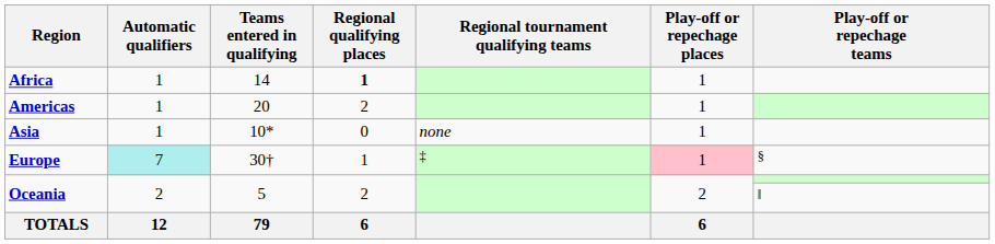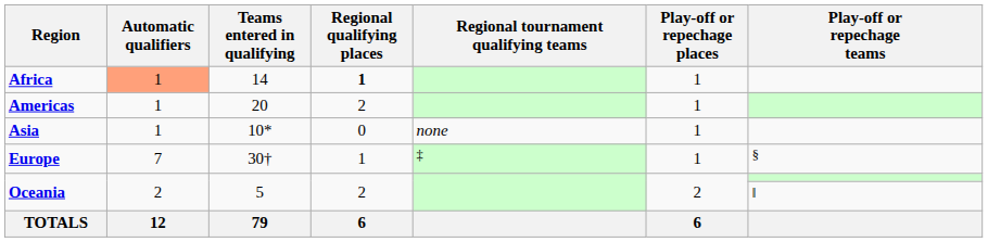 <table class=wikitable style="text-align:center;">
 <tr>
 <th style="width:6em; padding:2px;">Region</th>
 <th style="width:6em; padding:2px;">Automatic <br> qualifiers</th>
 <th style="width:6em; padding:2px;">Teams <br>entered in qualifying</th>
 <th style="width:6em; padding:2px;">Regional <br> qualifying places</th>
 <th style="width:14em;">Regional tournament <br> qualifying teams</th>
 <th style="width:6em; padding:2px;">Play-off or <br> repechage <br> places</th>
 <th style="width:14em;">Play-off or <br> repechage <br> teams</th>
 </tr>
 <tr>
 <td align=left style="font-weight:bold;"><a href='#'>Africa</a></td>
-<td>1</td>
+<td style="background: lightsalmon;">1</td>
 <td>14</td>
 <td><strong>1</strong></td>
 <td align=left bgcolor="#ccffcc"></td>
 <td>1</td>
 <td align=left></td>
 </tr>
 <tr>
 <td align=left style="font-weight:bold;"><a href='#'>Americas</a></td>
 <td>1</td>
 <td>20</td>
 <td>2</td>
 <td align=left bgcolor="#ccffcc"> <br> </td>
 <td>1</td>
 <td align=left bgcolor="#ccffcc"></td>
 </tr>
 <tr>
 <td align=left style="font-weight:bold;"><a href='#'>Asia</a></td>
 <td>1</td>
 <td>10*</td>
 <td>0</td>
 <td align=left> <em>none</em></td>
 <td>1</td>
 <td align=left></td>
 </tr>
 <tr>
 <td align=left style="font-weight:bold;"><a href='#'>Europe</a></td>
-<td style="background: paleturquoise;">7</td>
+<td>7</td>
 <td>30†</td>
 <td>1</td>
 <td align=left bgcolor="#ccffcc"><sup>‡</sup></td>
-<td style="background: pink;">1</td>
+<td>1</td>
 <td align=left><sup>§</sup></td>
 </tr>
 <tr>
 <td rowspan=2 align=left style="font-weight:bold;"><a href='#'>Oceania</a></td>
 <td rowspan=2>2</td>
 <td rowspan=2>5</td>
 <td rowspan=2>2</td>
 <td rowspan=2 style="text-align:left; line-height:175%; background-color:#ccffcc;"> <br> </td>
 <td rowspan=2>2</td>
 <td align=left bgcolor="#ccffcc"></td>
 </tr>
 <tr>
 <td align=left><sup>‖</sup></td>
 </tr>
 <tr>
 <th>TOTALS</th>
 <th>12</th>
 <th>79</th>
 <th>6</th>
 <th></th>
 <th>6</th>
 <th></th>
 </tr>
 </table>
